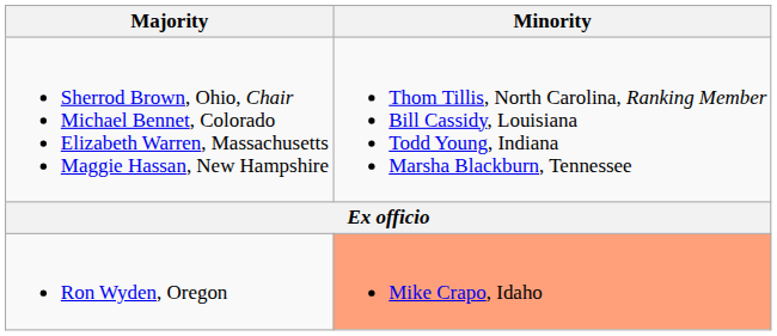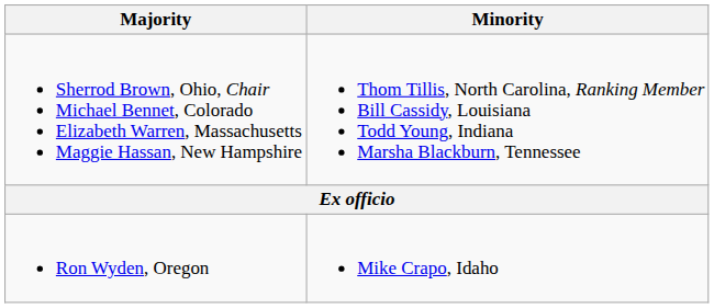 <table class=wikitable>
 <tr>
 <th>Majority</th>
 <th>Minority</th>
 </tr>
 <tr>
 <td><br><ul><li><a href='#'>Sherrod Brown</a>, Ohio, <em>Chair</em></li><li><a href='#'>Michael Bennet</a>, Colorado</li><li><a href='#'>Elizabeth Warren</a>, Massachusetts</li><li><a href='#'>Maggie Hassan</a>, New Hampshire</li></ul></td>
 <td><br><ul><li><a href='#'>Thom Tillis</a>, North Carolina, <em>Ranking Member</em></li><li><a href='#'>Bill Cassidy</a>, Louisiana</li><li><a href='#'>Todd Young</a>, Indiana</li><li><a href='#'>Marsha Blackburn</a>, Tennessee</li></ul></td>
 </tr>
 <tr>
 <th colspan=2><em>Ex officio</em></th>
 </tr>
 <tr>
 <td><br><ul><li><a href='#'>Ron Wyden</a>, Oregon</li></ul></td>
-<td style="background: lightsalmon;"><br><ul><li><a href='#'>Mike Crapo</a>, Idaho</li></ul></td>
+<td><br><ul><li><a href='#'>Mike Crapo</a>, Idaho</li></ul></td>
 </tr>
 </table>
